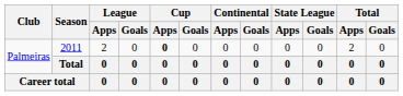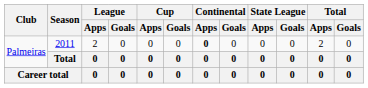 <table class="wikitable" style="text-align: center;">
 <tr>
 <th rowspan="2">Club</th>
 <th rowspan="2">Season</th>
 <th colspan="2">League</th>
 <th colspan="2">Cup</th>
 <th colspan="2">Continental</th>
 <th colspan="2">State League</th>
 <th colspan="2">Total</th>
 </tr>
 <tr>
 <th>Apps</th>
 <th>Goals</th>
 <th>Apps</th>
 <th>Goals</th>
 <th>Apps</th>
 <th>Goals</th>
 <th>Apps</th>
 <th>Goals</th>
 <th>Apps</th>
 <th>Goals</th>
 </tr>
 <tr>
 <td rowspan="2"><a href='#'>Palmeiras</a></td>
 <td><a href='#'>2011</a></td>
 <td>2</td>
 <td>0</td>
-<td><strong>0</strong></td>
 <td>0</td>
 <td>0</td>
+<td><strong>0</strong></td>
 <td>0</td>
 <td>0</td>
 <td>0</td>
 <td>2</td>
 <td>0</td>
 </tr>
 <tr>
 <th>Total</th>
 <th>0</th>
 <th>0</th>
 <th>0</th>
 <th>0</th>
 <th>0</th>
 <th>0</th>
 <th>0</th>
 <th>0</th>
 <th>0</th>
 <th>0</th>
 </tr>
 <tr>
 <th colspan="2">Career total</th>
 <th>0</th>
 <th>0</th>
 <th>0</th>
 <th>0</th>
 <th>0</th>
 <th>0</th>
 <th>0</th>
 <th>0</th>
 <th>0</th>
 <th>0</th>
 </tr>
 </table>
